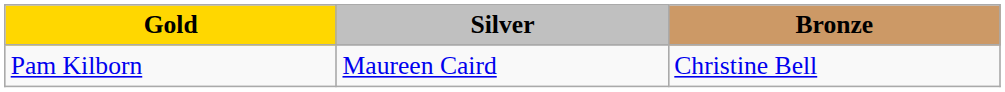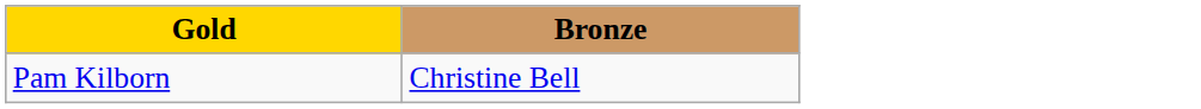 <table class="wikitable">
 <tr>
 <th scope=col style="background-color:gold; width:200px;">Gold</th>
-<th scope=col style="background-color:silver; width:200px;">Silver</th>
 <th scope=col style="background-color:#cc9966; width:200px;">Bronze</th>
 </tr>
 <tr>
 <td><a href='#'>Pam Kilborn</a><br><em></em></td>
-<td><a href='#'>Maureen Caird</a><br><em></em></td>
 <td><a href='#'>Christine Bell</a><br><em></em></td>
 </tr>
 </table>
